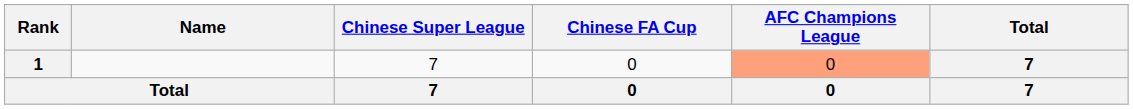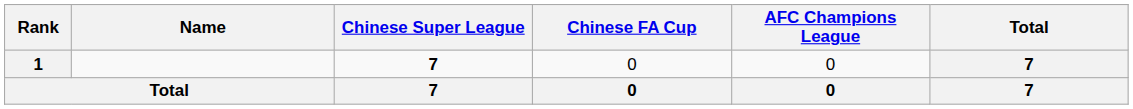 <table class="wikitable" style="text-align: center;">
 <tr>
 <th style="width:56px;">Rank</th>
 <th style="width:240px;">Name</th>
 <th style="width:180px;"><a href='#'>Chinese Super League</a></th>
 <th style="width:180px;"><a href='#'>Chinese FA Cup</a></th>
 <th style="width:180px;"><a href='#'>AFC Champions League</a></th>
 <th style="width:180px;"><strong>Total</strong></th>
 </tr>
 <tr>
 <th>1</th>
 <td align="left"></td>
-<td>7</td>
+<td><strong>7</strong></td>
 <td>0</td>
-<td style="background: lightsalmon;">0</td>
+<td>0</td>
 <th>7</th>
 </tr>
 <tr>
 <th colspan="2"><strong>Total</strong></th>
 <th>7</th>
 <th>0</th>
 <th>0</th>
 <th>7</th>
 </tr>
 </table>
